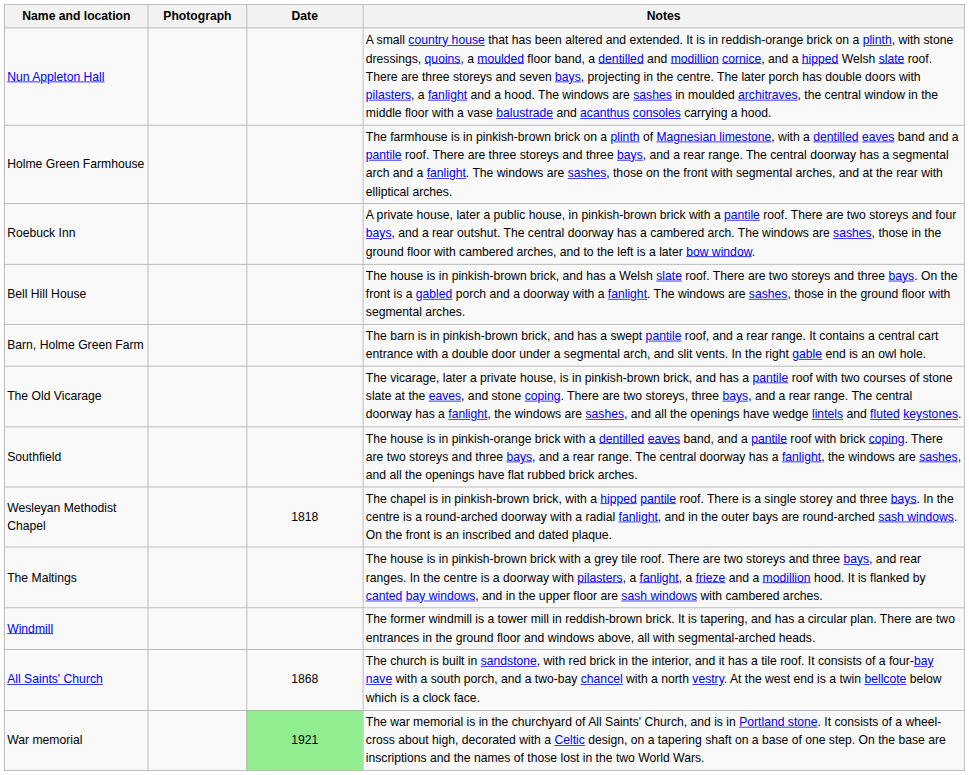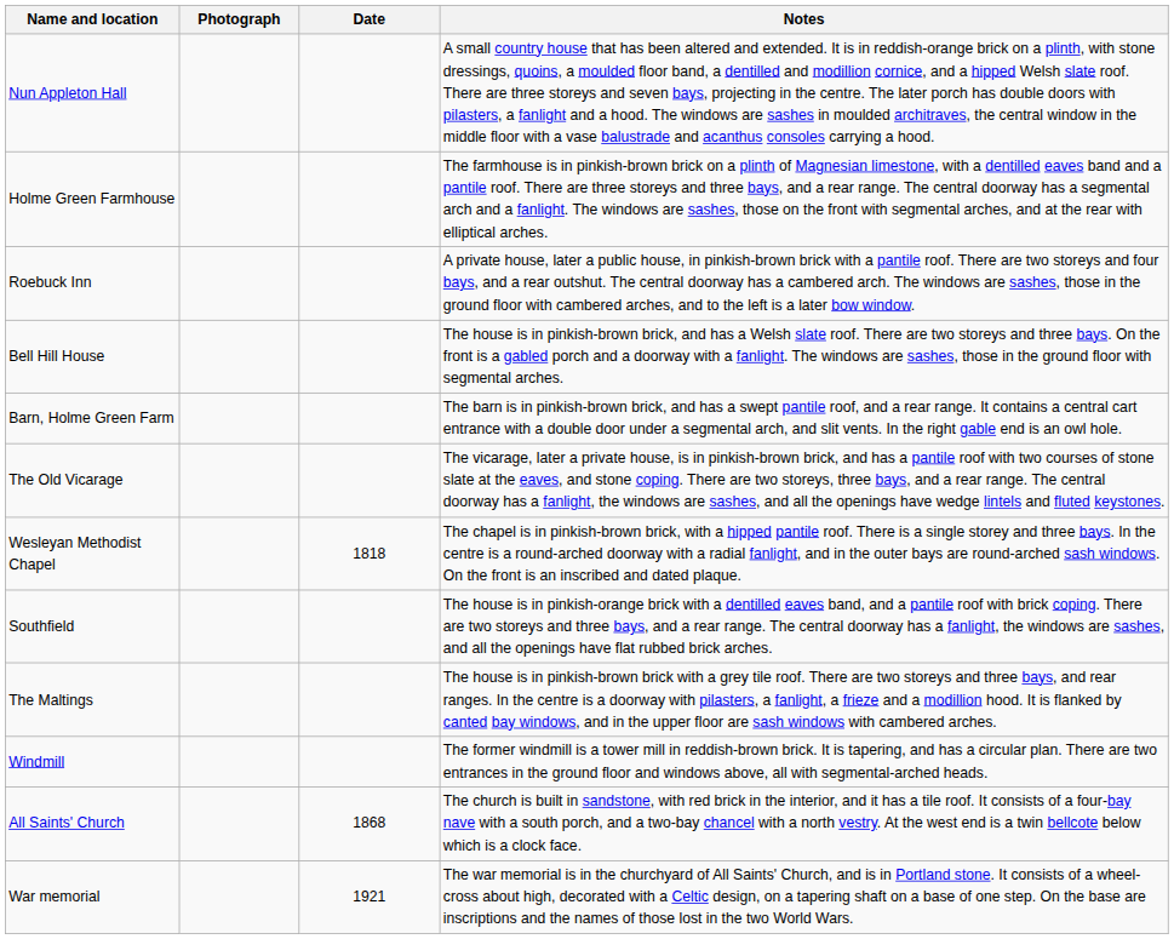 <table class="wikitable sortable plainrowheaders" style="width:100%;border:0px;text-align:left;line-height:150%;">
 <tr>
 <th scope="col"  style="width:150px">Name and location</th>
 <th scope="col"  style="width:100px" class="unsortable">Photograph</th>
 <th scope="col"  style="width:120px">Date</th>
 <th scope="col"  style="width:650px" class="unsortable">Notes</th>
 </tr>
 <tr>
 <td><a href='#'>Nun Appleton Hall</a><br><small></small></td>
 <td></td>
 <td align="center"></td>
 <td>A small <a href='#'>country house</a> that has been altered and extended.  It is in reddish-orange brick on a <a href='#'>plinth</a>, with stone dressings, <a href='#'>quoins</a>, a <a href='#'>moulded</a> floor band, a <a href='#'>dentilled</a> and <a href='#'>modillion</a> <a href='#'>cornice</a>, and a <a href='#'>hipped</a> Welsh <a href='#'>slate</a> roof.  There are three storeys and seven <a href='#'>bays</a>, projecting in the centre.  The later porch has double doors with <a href='#'>pilasters</a>, a <a href='#'>fanlight</a> and a hood.  The windows are <a href='#'>sashes</a> in moulded <a href='#'>architraves</a>, the central window in the middle floor with a vase <a href='#'>balustrade</a> and <a href='#'>acanthus</a> <a href='#'>consoles</a> carrying a hood.</td>
 </tr>
 <tr>
 <td>Holme Green Farmhouse<br><small></small></td>
 <td></td>
 <td align="center"></td>
 <td>The farmhouse is in pinkish-brown brick on a <a href='#'>plinth</a> of <a href='#'>Magnesian limestone</a>, with a <a href='#'>dentilled</a> <a href='#'>eaves</a> band and a <a href='#'>pantile</a> roof.  There are three storeys and three <a href='#'>bays</a>, and a rear range.  The central doorway has a segmental arch and a <a href='#'>fanlight</a>.  The windows are <a href='#'>sashes</a>, those on the front with segmental arches, and at the rear with elliptical arches.</td>
 </tr>
 <tr>
 <td>Roebuck Inn<br><small></small></td>
 <td></td>
 <td align="center"></td>
 <td>A private house, later a public house, in pinkish-brown brick with a <a href='#'>pantile</a> roof.  There are two storeys and four <a href='#'>bays</a>, and a rear outshut.  The central doorway has a cambered arch.  The windows are <a href='#'>sashes</a>, those in the ground floor with cambered arches, and to the left is a later <a href='#'>bow window</a>.</td>
 </tr>
 <tr>
 <td>Bell Hill House<br><small></small></td>
 <td></td>
 <td align="center"></td>
 <td>The house is in pinkish-brown brick, and has a Welsh <a href='#'>slate</a> roof.  There are two storeys and three <a href='#'>bays</a>.  On the front is a <a href='#'>gabled</a> porch and a doorway with a <a href='#'>fanlight</a>.  The windows are <a href='#'>sashes</a>, those in the ground floor with segmental arches.</td>
 </tr>
 <tr>
 <td>Barn, Holme Green Farm<br><small></small></td>
 <td></td>
 <td align="center"></td>
 <td>The barn is in pinkish-brown brick, and has a swept <a href='#'>pantile</a> roof, and a rear range.  It contains a central cart entrance with a double door under a segmental arch, and slit vents.  In the right <a href='#'>gable</a> end is an owl hole.</td>
 </tr>
 <tr>
 <td>The Old Vicarage<br><small></small></td>
 <td></td>
 <td align="center"></td>
 <td>The vicarage, later a private house, is in pinkish-brown brick, and has a <a href='#'>pantile</a> roof with two courses of stone slate at the <a href='#'>eaves</a>, and stone <a href='#'>coping</a>.  There are two storeys, three <a href='#'>bays</a>, and a rear range.  The central doorway has a <a href='#'>fanlight</a>, the windows are <a href='#'>sashes</a>, and all the openings have wedge <a href='#'>lintels</a> and <a href='#'>fluted</a> <a href='#'>keystones</a>.</td>
 </tr>
 <tr>
+<td>Wesleyan Methodist Chapel<br><small></small></td>
+<td></td>
+<td align="center">1818</td>
+<td>The chapel is in pinkish-brown brick, with a <a href='#'>hipped</a> <a href='#'>pantile</a> roof.  There is a single storey and three <a href='#'>bays</a>.  In the centre is a round-arched doorway with a radial <a href='#'>fanlight</a>, and in the outer bays are round-arched <a href='#'>sash windows</a>.  On the front is an inscribed and dated plaque.</td>
+</tr>
+<tr>
 <td>Southfield<br><small></small></td>
 <td></td>
 <td align="center"></td>
 <td>The house is in pinkish-orange brick with a <a href='#'>dentilled</a> <a href='#'>eaves</a> band, and a <a href='#'>pantile</a> roof with brick <a href='#'>coping</a>.  There are two storeys and three <a href='#'>bays</a>, and a rear range.  The central doorway has a <a href='#'>fanlight</a>, the windows are <a href='#'>sashes</a>, and all the openings have flat rubbed brick arches.</td>
-</tr>
-<tr>
-<td>Wesleyan Methodist Chapel<br><small></small></td>
-<td></td>
-<td align="center">1818</td>
-<td>The chapel is in pinkish-brown brick, with a <a href='#'>hipped</a> <a href='#'>pantile</a> roof.  There is a single storey and three <a href='#'>bays</a>.  In the centre is a round-arched doorway with a radial <a href='#'>fanlight</a>, and in the outer bays are round-arched <a href='#'>sash windows</a>.  On the front is an inscribed and dated plaque.</td>
 </tr>
 <tr>
 <td>The Maltings<br><small></small></td>
 <td></td>
 <td align="center"></td>
 <td>The house is in pinkish-brown brick with a grey tile roof.  There are two storeys and three <a href='#'>bays</a>, and rear ranges.  In the centre is a doorway with <a href='#'>pilasters</a>, a <a href='#'>fanlight</a>, a <a href='#'>frieze</a> and a <a href='#'>modillion</a> hood.  It is flanked by <a href='#'>canted</a> <a href='#'>bay windows</a>, and in the upper floor are <a href='#'>sash windows</a> with cambered arches.</td>
 </tr>
 <tr>
 <td><a href='#'>Windmill</a><br><small></small></td>
 <td></td>
 <td align="center"></td>
 <td>The former windmill is a tower mill in reddish-brown brick.  It is tapering, and has a circular plan.  There are two entrances in the ground floor and windows above, all with segmental-arched heads.</td>
 </tr>
 <tr>
 <td><a href='#'>All Saints' Church</a><br><small></small></td>
 <td></td>
 <td align="center">1868</td>
 <td>The church is built in <a href='#'>sandstone</a>, with red brick in the interior, and it has a tile roof.  It consists of a four-<a href='#'>bay</a> <a href='#'>nave</a> with a south porch, and a two-bay <a href='#'>chancel</a> with a north <a href='#'>vestry</a>.  At the west end is a twin <a href='#'>bellcote</a> below which is a clock face.</td>
 </tr>
 <tr>
 <td>War memorial<br><small></small></td>
 <td></td>
-<td align="center" style="background: lightgreen;">1921</td>
+<td align="center">1921</td>
 <td>The war memorial is in the churchyard of All Saints' Church, and is in <a href='#'>Portland stone</a>.  It consists of a wheel-cross about  high, decorated with a <a href='#'>Celtic</a> design, on a tapering shaft on a base of one step.  On the base are inscriptions and the names of those lost in the two World Wars.</td>
 </tr>
 <tr>
 </tr>
 </table>
